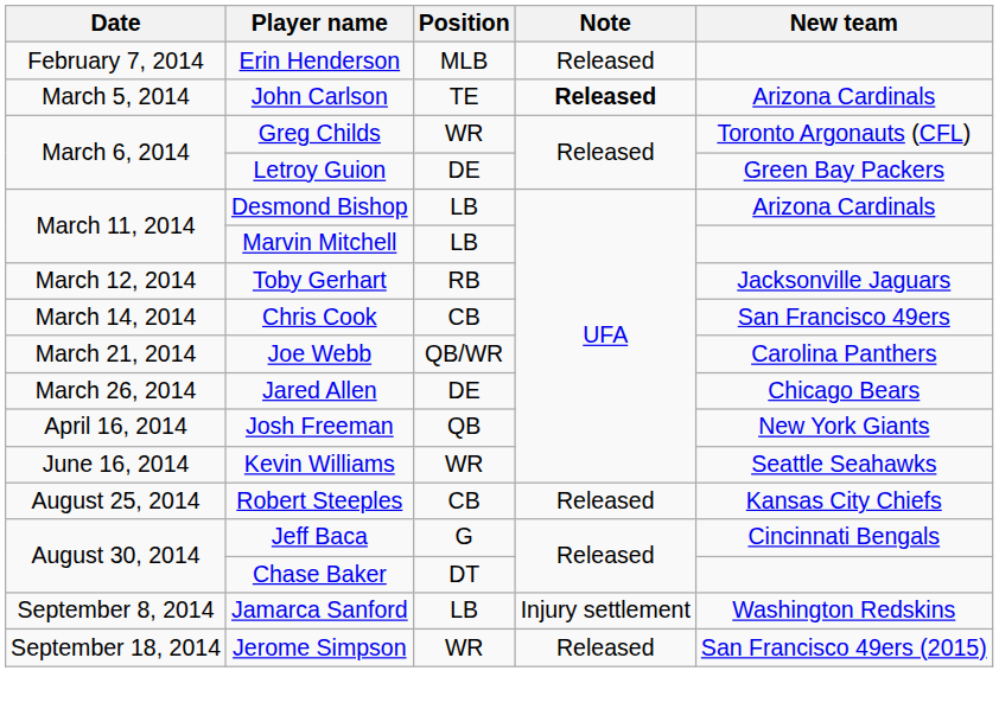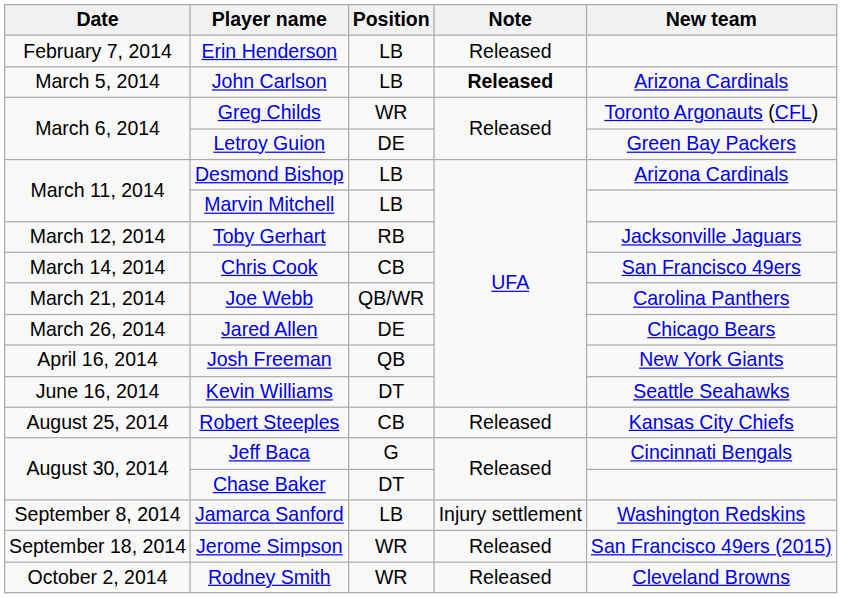 <table class="wikitable" style="text-align:center">
 <tr>
 <th>Date</th>
 <th>Player name</th>
 <th>Position</th>
 <th>Note</th>
 <th>New team</th>
 </tr>
 <tr>
 <td>February 7, 2014</td>
 <td><a href='#'>Erin Henderson</a></td>
-<td>MLB</td>
+<td>LB</td>
 <td>Released</td>
 <td></td>
 </tr>
 <tr>
 <td>March 5, 2014</td>
 <td><a href='#'>John Carlson</a></td>
-<td>TE</td>
+<td>LB</td>
 <td><strong>Released</strong></td>
 <td><a href='#'>Arizona Cardinals</a></td>
 </tr>
 <tr>
 <td rowspan="2">March 6, 2014</td>
 <td><a href='#'>Greg Childs</a></td>
 <td>WR</td>
 <td rowspan="2">Released</td>
 <td><a href='#'>Toronto Argonauts</a> (<a href='#'>CFL</a>)</td>
 </tr>
 <tr>
 <td><a href='#'>Letroy Guion</a></td>
 <td>DE</td>
 <td><a href='#'>Green Bay Packers</a></td>
 </tr>
 <tr>
 <td rowspan="2">March 11, 2014</td>
 <td><a href='#'>Desmond Bishop</a></td>
 <td>LB</td>
 <td rowspan="8"><a href='#'>UFA</a></td>
 <td><a href='#'>Arizona Cardinals</a></td>
 </tr>
 <tr>
 <td><a href='#'>Marvin Mitchell</a></td>
 <td>LB</td>
 <td></td>
 </tr>
 <tr>
 <td>March 12, 2014</td>
 <td><a href='#'>Toby Gerhart</a></td>
 <td>RB</td>
 <td><a href='#'>Jacksonville Jaguars</a></td>
 </tr>
 <tr>
 <td>March 14, 2014</td>
 <td><a href='#'>Chris Cook</a></td>
 <td>CB</td>
 <td><a href='#'>San Francisco 49ers</a></td>
 </tr>
 <tr>
 <td>March 21, 2014</td>
 <td><a href='#'>Joe Webb</a></td>
 <td>QB/WR</td>
 <td><a href='#'>Carolina Panthers</a></td>
 </tr>
 <tr>
 <td>March 26, 2014</td>
 <td><a href='#'>Jared Allen</a></td>
 <td>DE</td>
 <td><a href='#'>Chicago Bears</a></td>
 </tr>
 <tr>
 <td>April 16, 2014</td>
 <td><a href='#'>Josh Freeman</a></td>
 <td>QB</td>
 <td><a href='#'>New York Giants</a></td>
 </tr>
 <tr>
 <td>June 16, 2014</td>
 <td><a href='#'>Kevin Williams</a></td>
-<td>WR</td>
+<td>DT</td>
 <td><a href='#'>Seattle Seahawks</a></td>
 </tr>
 <tr>
 <td>August 25, 2014</td>
 <td><a href='#'>Robert Steeples</a></td>
 <td>CB</td>
 <td>Released</td>
 <td><a href='#'>Kansas City Chiefs</a></td>
 </tr>
 <tr>
 <td rowspan="2">August 30, 2014</td>
 <td><a href='#'>Jeff Baca</a></td>
 <td>G</td>
 <td rowspan="2">Released</td>
 <td><a href='#'>Cincinnati Bengals</a></td>
 </tr>
 <tr>
 <td><a href='#'>Chase Baker</a></td>
 <td>DT</td>
 <td></td>
 </tr>
 <tr>
 <td>September 8, 2014</td>
 <td><a href='#'>Jamarca Sanford</a></td>
 <td>LB</td>
 <td>Injury settlement</td>
 <td><a href='#'>Washington Redskins</a></td>
 </tr>
 <tr>
 <td>September 18, 2014</td>
 <td><a href='#'>Jerome Simpson</a></td>
 <td>WR</td>
 <td>Released</td>
 <td><a href='#'>San Francisco 49ers (2015)</a></td>
 </tr>
+<tr>
+<td>October 2, 2014</td>
+<td><a href='#'>Rodney Smith</a></td>
+<td>WR</td>
+<td>Released</td>
+<td><a href='#'>Cleveland Browns</a></td>
+</tr>
 </table>
